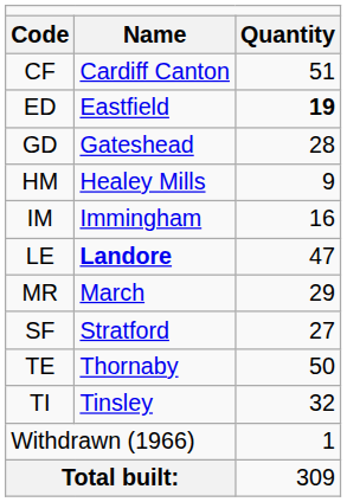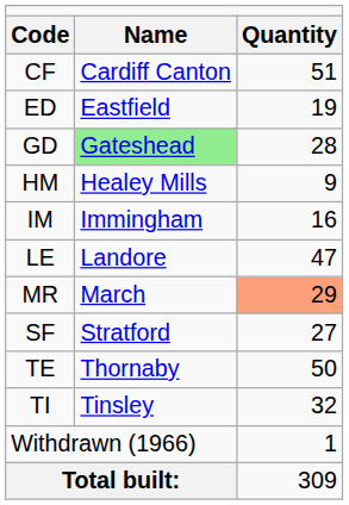 <table class="floatright wikitable">
 <tr>
 <td colspan=3></td>
 </tr>
 <tr>
 <th>Code</th>
 <th>Name</th>
 <th>Quantity</th>
 </tr>
 <tr>
 <td style="text-align:center">CF</td>
 <td><a href='#'>Cardiff Canton</a></td>
 <td style="text-align:right">51</td>
 </tr>
 <tr>
 <td style="text-align:center">ED</td>
 <td><a href='#'>Eastfield</a></td>
-<td style="text-align:right"><strong>19</strong></td>
+<td style="text-align:right">19</td>
 </tr>
 <tr>
 <td style="text-align:center">GD</td>
-<td><a href='#'>Gateshead</a></td>
+<td style="background: lightgreen;"><a href='#'>Gateshead</a></td>
 <td style="text-align:right">28</td>
 </tr>
 <tr>
 <td style="text-align:center">HM</td>
 <td><a href='#'>Healey Mills</a></td>
 <td style="text-align:right">9</td>
 </tr>
 <tr>
 <td style="text-align:center">IM</td>
 <td><a href='#'>Immingham</a></td>
 <td style="text-align:right">16</td>
 </tr>
 <tr>
 <td style="text-align:center">LE</td>
-<td><strong><a href='#'>Landore</a></strong></td>
+<td><a href='#'>Landore</a></td>
 <td style="text-align:right">47</td>
 </tr>
 <tr>
 <td style="text-align:center">MR</td>
 <td><a href='#'>March</a></td>
-<td style="text-align:right">29</td>
+<td style="background: lightsalmon; text-align:right">29</td>
 </tr>
 <tr>
 <td style="text-align:center">SF</td>
 <td><a href='#'>Stratford</a></td>
 <td style="text-align:right">27</td>
 </tr>
 <tr>
 <td style="text-align:center">TE</td>
 <td><a href='#'>Thornaby</a></td>
 <td style="text-align:right">50</td>
 </tr>
 <tr>
 <td style="text-align:center">TI</td>
 <td><a href='#'>Tinsley</a></td>
 <td style="text-align:right">32</td>
 </tr>
 <tr>
 <td colspan=2>Withdrawn (1966)</td>
 <td style="text-align:right">1</td>
 </tr>
 <tr>
 <th colspan=2 scope=row>Total built:</th>
 <td style="text-align:right">309</td>
 </tr>
 </table>
